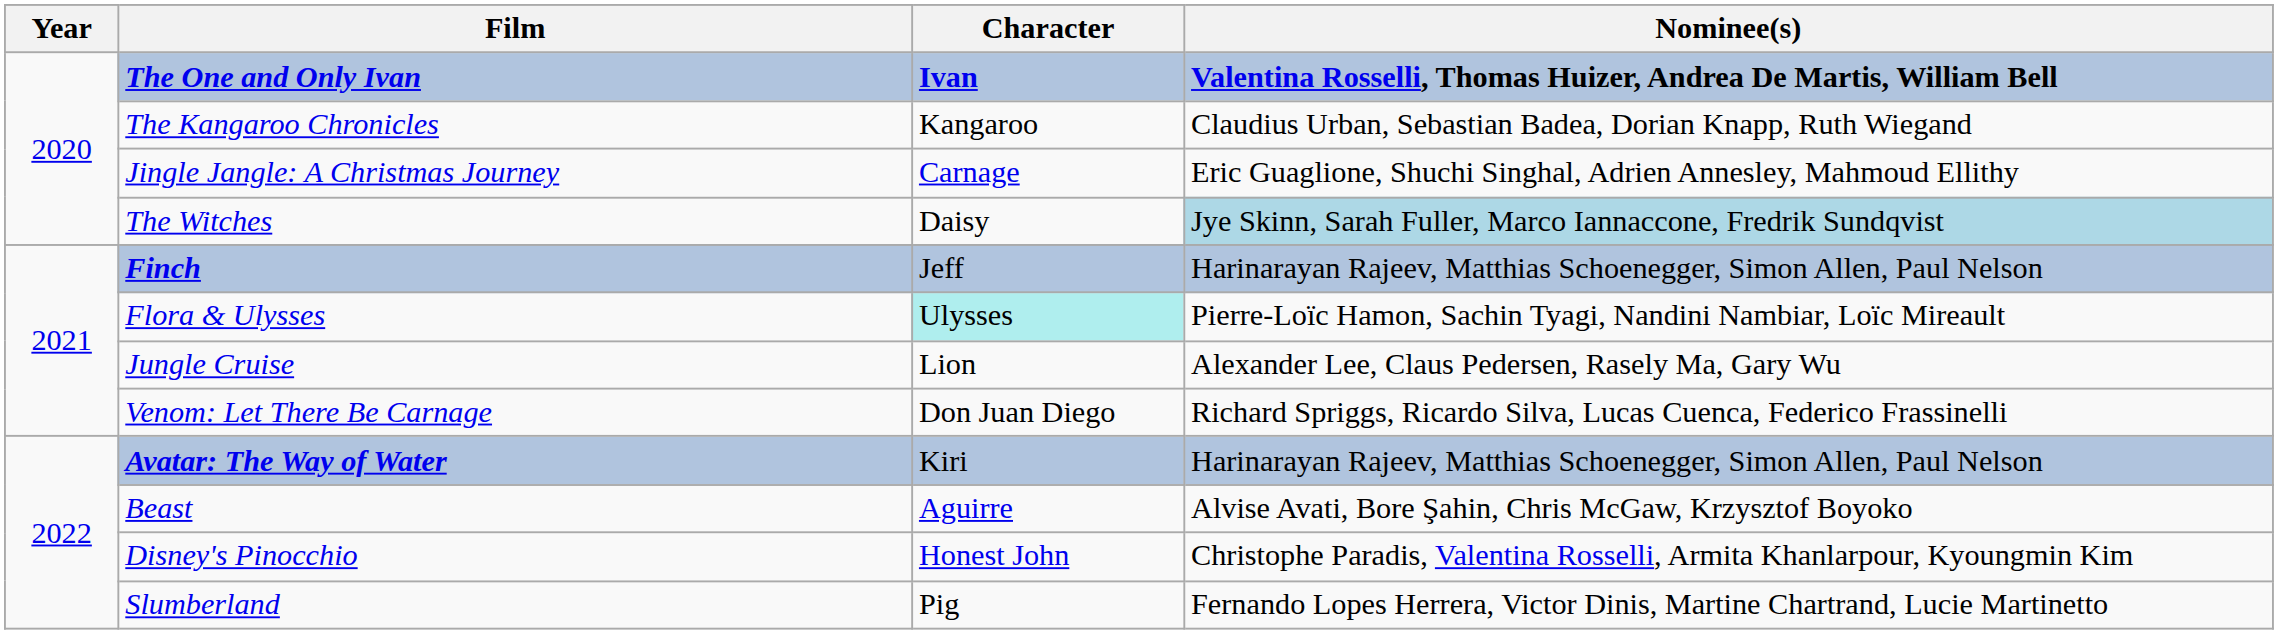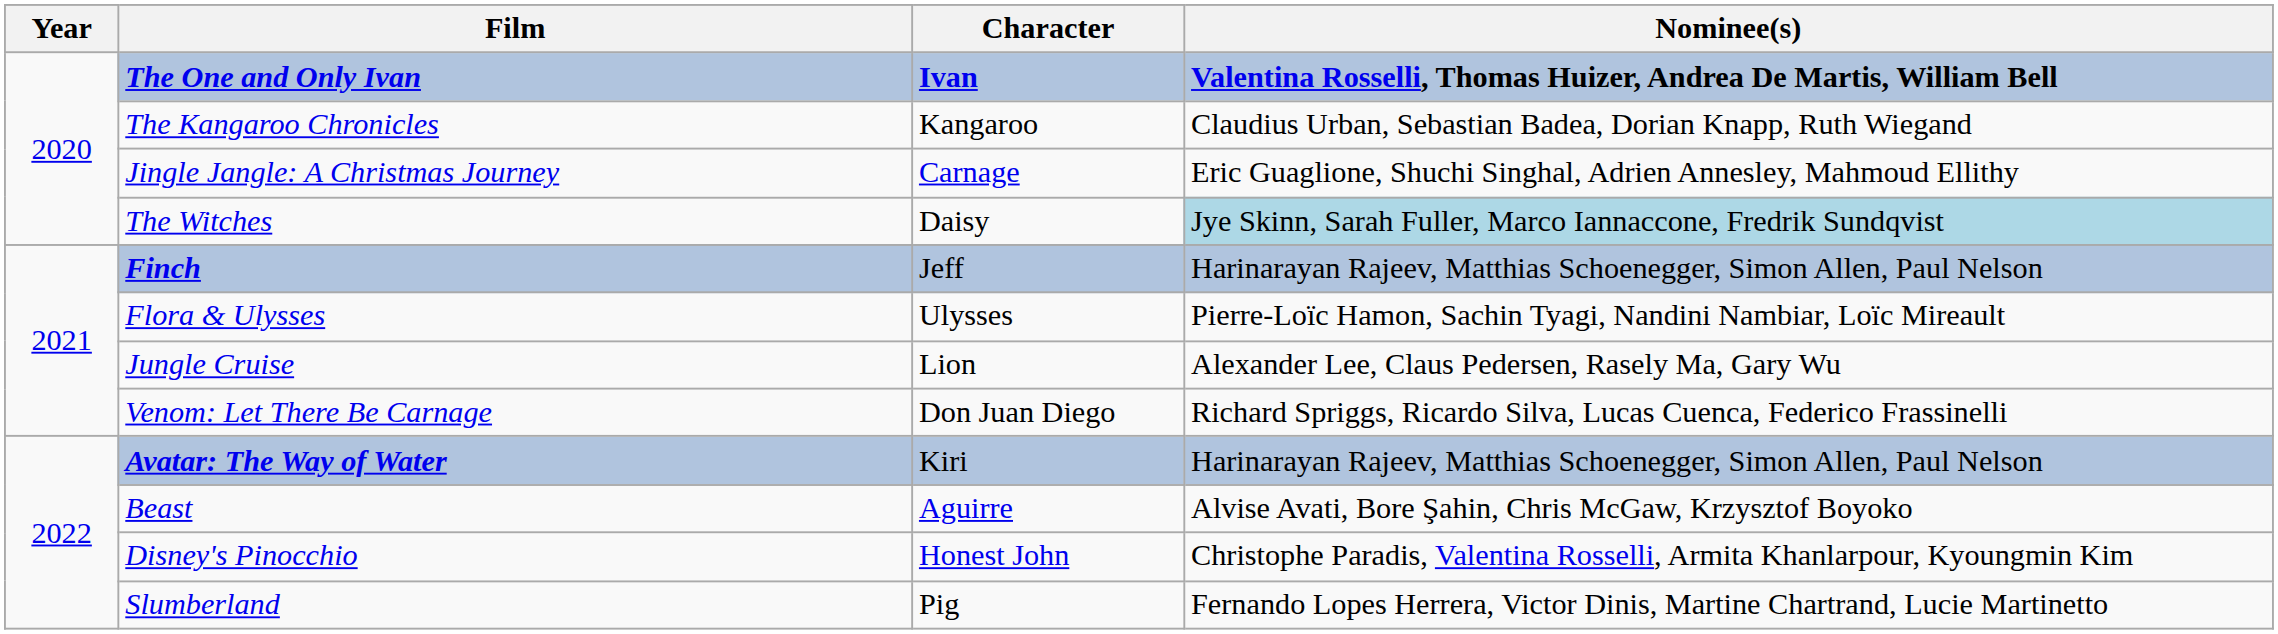 <table class="wikitable" width="95%" cellpadding="5">
 <tr>
 <th width="5%">Year</th>
 <th width="35%">Film</th>
 <th width="12%">Character</th>
 <th width="50%">Nominee(s)</th>
 </tr>
 <tr>
 <td rowspan="4" style="text-align:center;"><a href='#'>2020</a><br></td>
 <td style="background:#B0C4DE;"><strong><em><a href='#'>The One and Only Ivan</a></em></strong></td>
 <td style="background:#B0C4DE;"><strong><a href='#'>Ivan</a></strong></td>
 <td style="background:#B0C4DE;"><strong><a href='#'>Valentina Rosselli</a>, Thomas Huizer, Andrea De Martis, William Bell</strong></td>
 </tr>
 <tr>
 <td><em><a href='#'>The Kangaroo Chronicles</a></em></td>
 <td>Kangaroo</td>
 <td>Claudius Urban, Sebastian Badea, Dorian Knapp, Ruth Wiegand</td>
 </tr>
 <tr>
 <td><em><a href='#'>Jingle Jangle: A Christmas Journey</a></em></td>
 <td><a href='#'>Carnage</a></td>
 <td>Eric Guaglione, Shuchi Singhal, Adrien Annesley, Mahmoud Ellithy</td>
 </tr>
 <tr>
 <td><em><a href='#'>The Witches</a></em></td>
 <td>Daisy</td>
 <td style="background: lightblue;">Jye Skinn, Sarah Fuller, Marco Iannaccone, Fredrik Sundqvist</td>
 </tr>
 <tr>
 <td rowspan="4" style="text-align:center;"><a href='#'>2021</a><br></td>
 <td style="background:#B0C4DE;"><strong><em><a href='#'>Finch</a></em></strong></td>
 <td style="background:#B0C4DE;">Jeff</td>
 <td style="background:#B0C4DE;">Harinarayan Rajeev, Matthias Schoenegger, Simon Allen, Paul Nelson</td>
 </tr>
 <tr>
 <td><em><a href='#'>Flora & Ulysses</a></em></td>
-<td style="background: paleturquoise;">Ulysses</td>
+<td>Ulysses</td>
 <td>Pierre-Loïc Hamon, Sachin Tyagi, Nandini Nambiar, Loïc Mireault</td>
 </tr>
 <tr>
 <td><em><a href='#'>Jungle Cruise</a></em></td>
 <td>Lion</td>
 <td>Alexander Lee, Claus Pedersen, Rasely Ma, Gary Wu</td>
 </tr>
 <tr>
 <td><em><a href='#'>Venom: Let There Be Carnage</a></em></td>
 <td>Don Juan Diego</td>
 <td>Richard Spriggs, Ricardo Silva, Lucas Cuenca, Federico Frassinelli</td>
 </tr>
 <tr>
 <td rowspan="4" style="text-align:center;"><a href='#'>2022</a><br></td>
 <td style="background:#B0C4DE;"><strong><em><a href='#'>Avatar: The Way of Water</a></em></strong></td>
 <td style="background:#B0C4DE;">Kiri</td>
 <td style="background:#B0C4DE;">Harinarayan Rajeev, Matthias Schoenegger, Simon Allen, Paul Nelson</td>
 </tr>
 <tr>
 <td><em><a href='#'>Beast</a></em></td>
 <td><a href='#'>Aguirre</a></td>
 <td>Alvise Avati, Bore Şahin, Chris McGaw, Krzysztof Boyoko</td>
 </tr>
 <tr>
 <td><em><a href='#'>Disney's Pinocchio</a></em></td>
 <td><a href='#'>Honest John</a></td>
 <td>Christophe Paradis, <a href='#'>Valentina Rosselli</a>, Armita Khanlarpour, Kyoungmin Kim</td>
 </tr>
 <tr>
 <td><em><a href='#'>Slumberland</a></em></td>
 <td>Pig</td>
 <td>Fernando Lopes Herrera, Victor Dinis, Martine Chartrand, Lucie Martinetto</td>
 </tr>
 </table>
